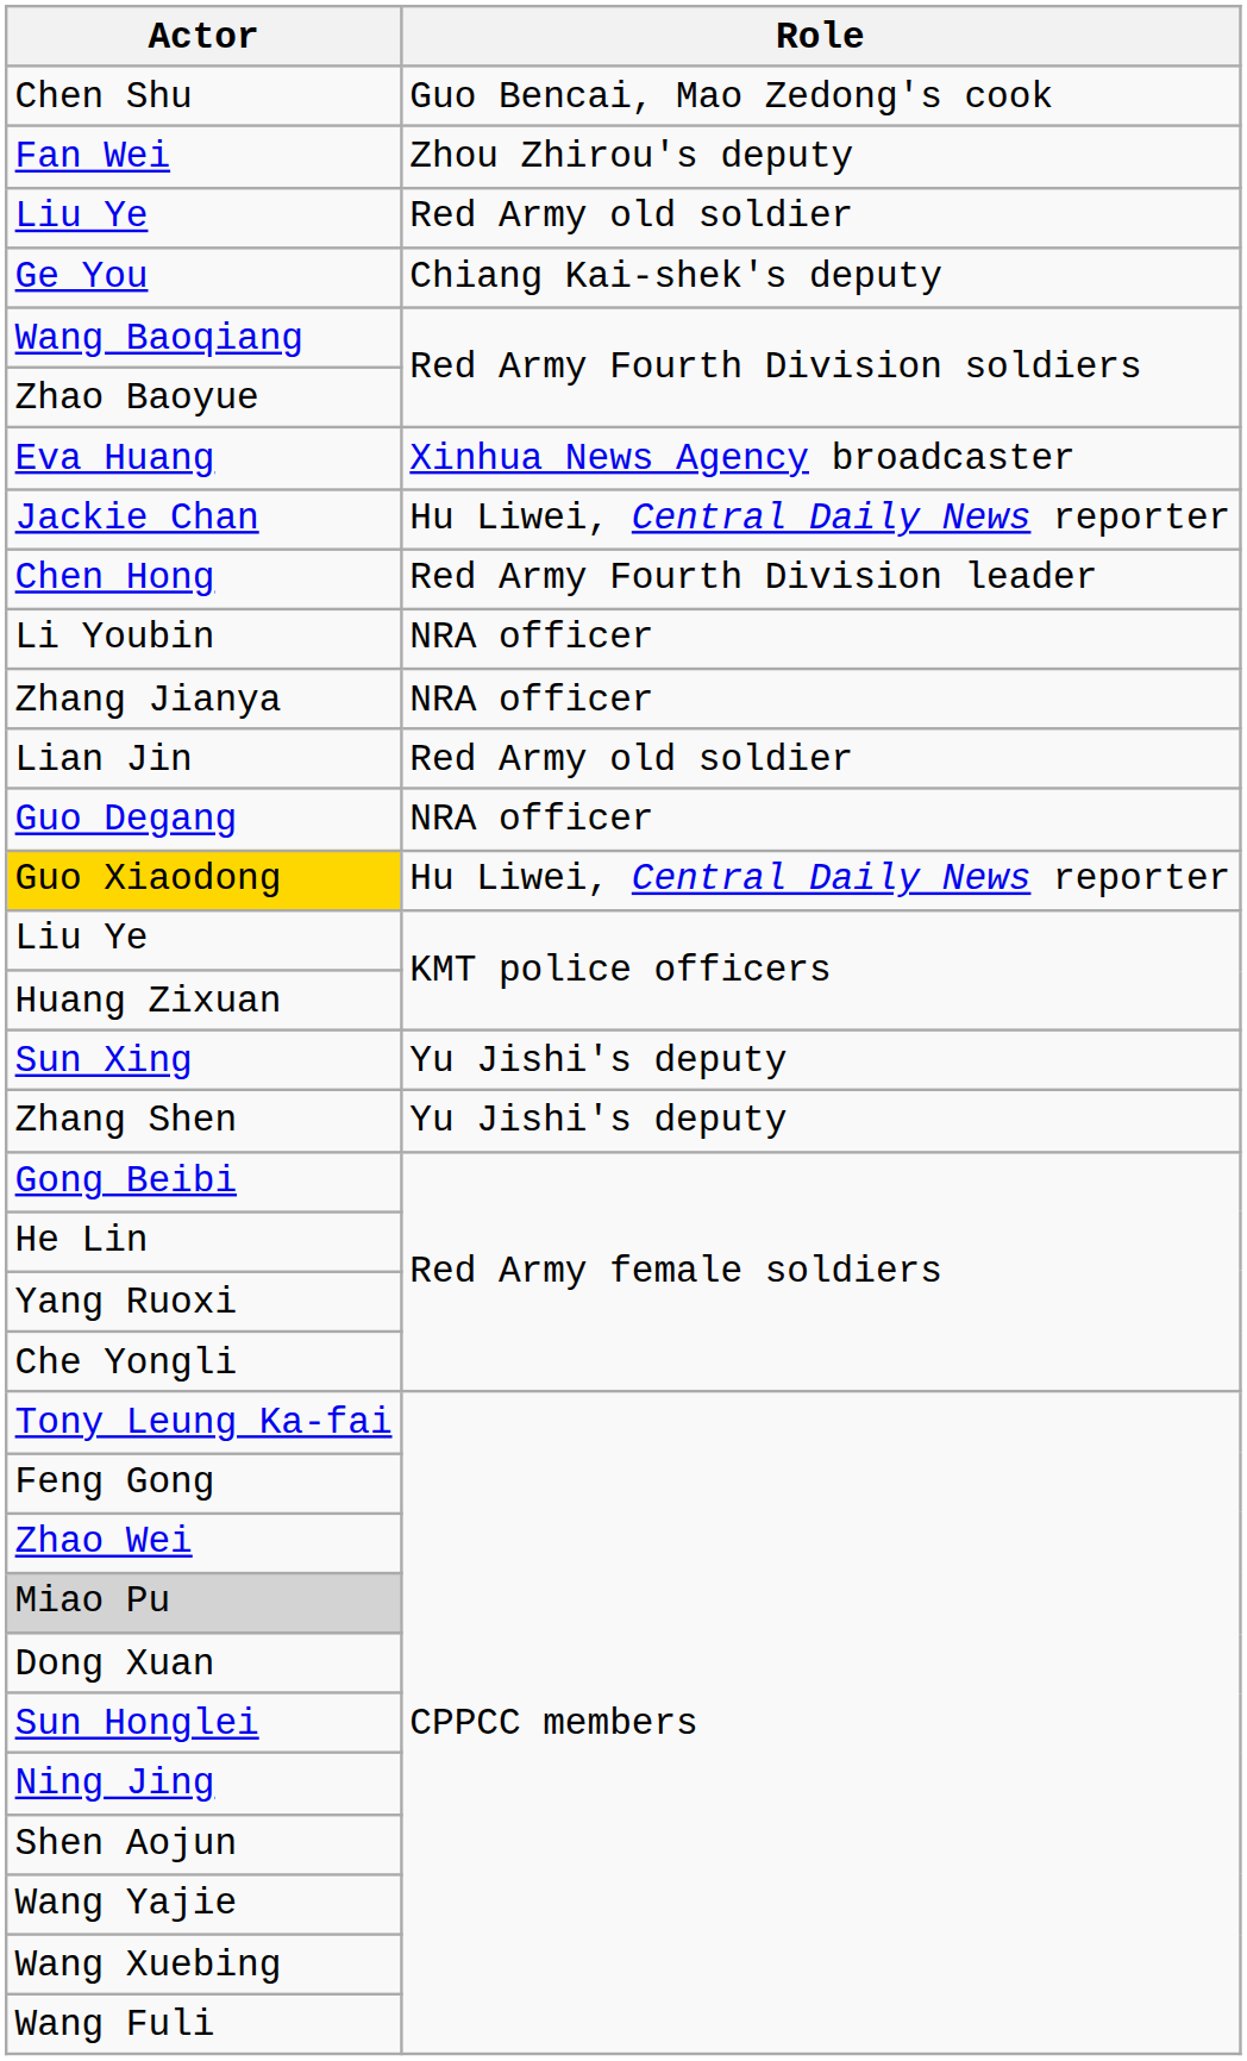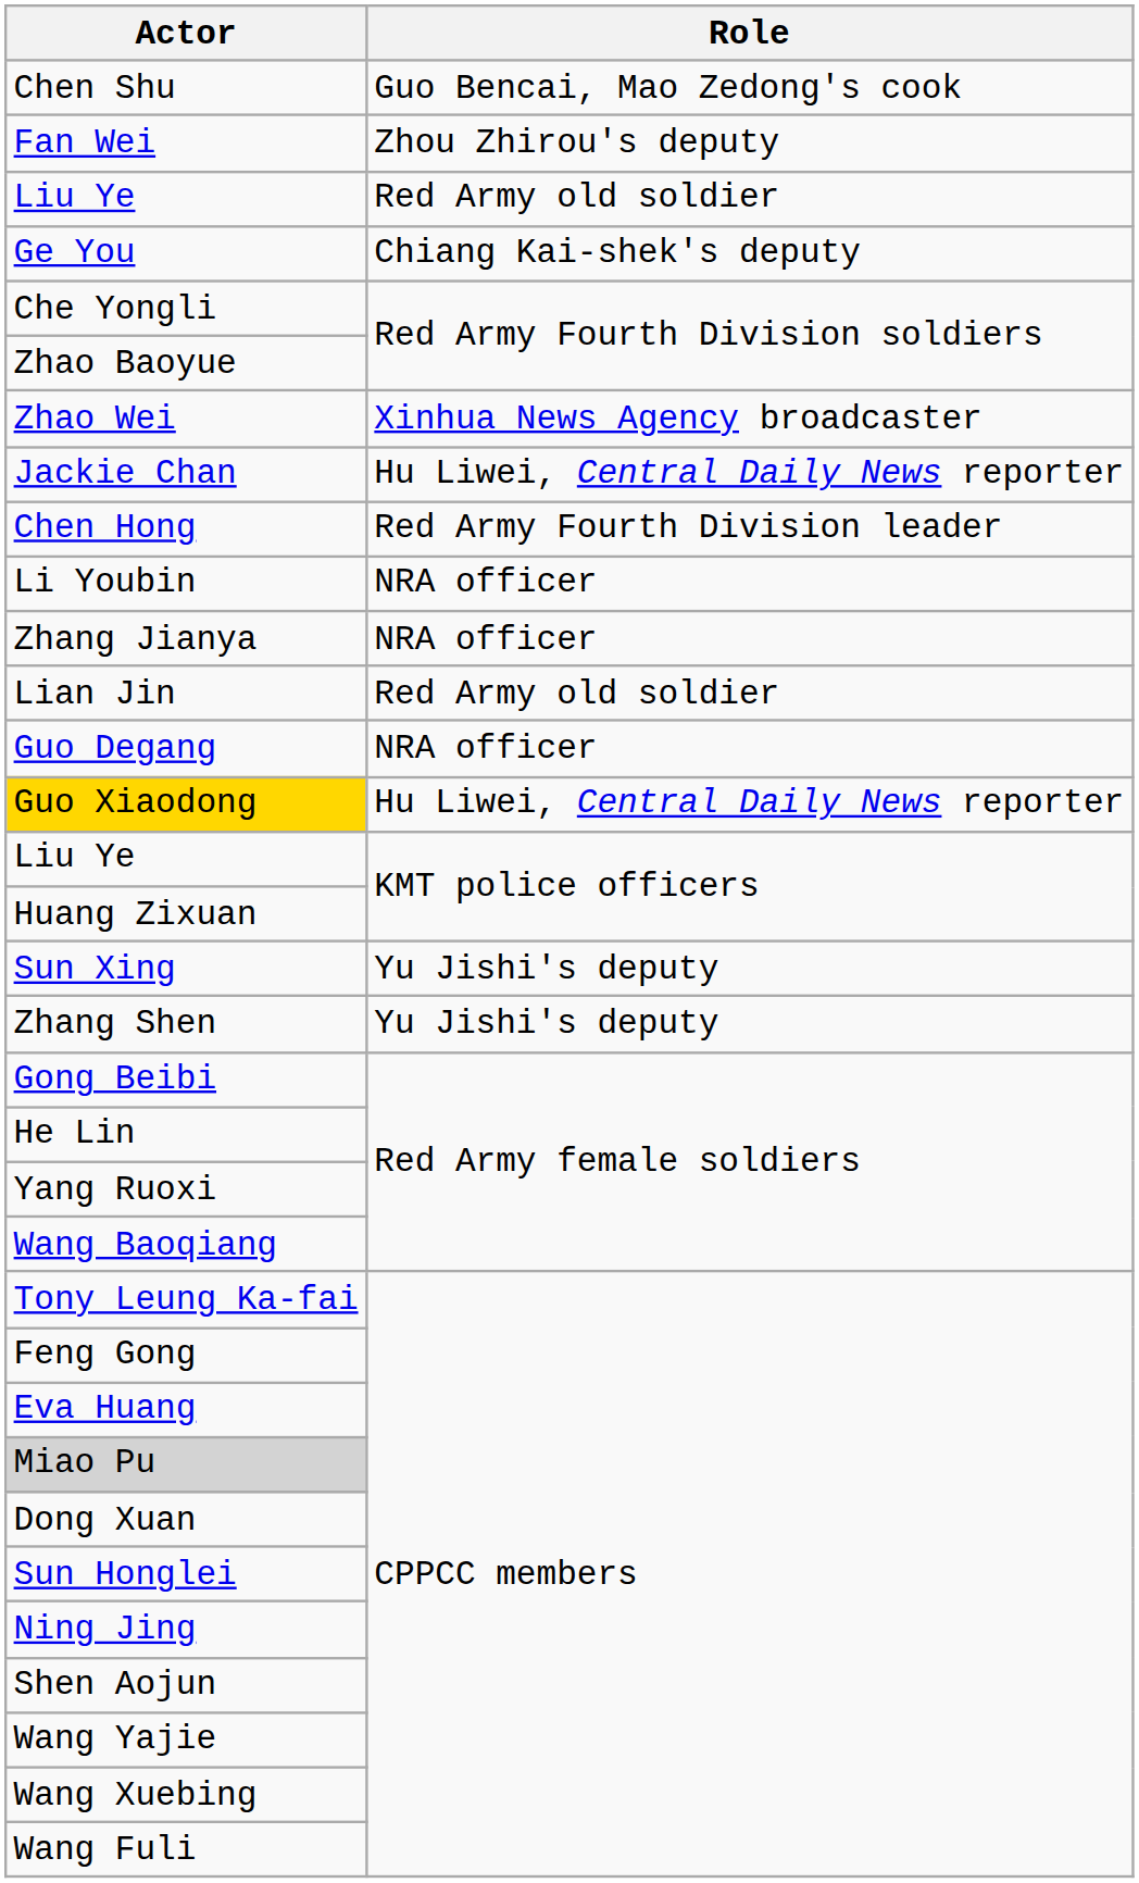 <table class="wikitable">
 <tr>
 <th>Actor</th>
 <th>Role</th>
 </tr>
 <tr>
 <td>Chen Shu</td>
 <td>Guo Bencai, Mao Zedong's cook</td>
 </tr>
 <tr>
 <td><a href='#'>Fan Wei</a></td>
 <td>Zhou Zhirou's deputy</td>
 </tr>
 <tr>
 <td><a href='#'>Liu Ye</a></td>
 <td>Red Army old soldier</td>
 </tr>
 <tr>
 <td><a href='#'>Ge You</a></td>
 <td>Chiang Kai-shek's deputy</td>
 </tr>
 <tr>
-<td><a href='#'>Wang Baoqiang</a></td>
+<td>Che Yongli</td>
 <td rowspan="2">Red Army Fourth Division soldiers</td>
 </tr>
 <tr>
 <td>Zhao Baoyue</td>
 </tr>
 <tr>
-<td><a href='#'>Eva Huang</a></td>
+<td><a href='#'>Zhao Wei</a></td>
 <td><a href='#'>Xinhua News Agency</a> broadcaster</td>
 </tr>
 <tr>
 <td><a href='#'>Jackie Chan</a></td>
 <td>Hu Liwei, <em><a href='#'>Central Daily News</a></em> reporter</td>
 </tr>
 <tr>
 <td><a href='#'>Chen Hong</a></td>
 <td>Red Army Fourth Division leader</td>
 </tr>
 <tr>
 <td>Li Youbin</td>
 <td>NRA officer</td>
 </tr>
 <tr>
 <td>Zhang Jianya</td>
 <td>NRA officer</td>
 </tr>
 <tr>
 <td>Lian Jin</td>
 <td>Red Army old soldier</td>
 </tr>
 <tr>
 <td><a href='#'>Guo Degang</a></td>
 <td>NRA officer</td>
 </tr>
 <tr>
 <td style="background: gold;">Guo Xiaodong</td>
 <td>Hu Liwei, <em><a href='#'>Central Daily News</a></em> reporter</td>
 </tr>
 <tr>
 <td>Liu Ye</td>
 <td rowspan=2>KMT police officers</td>
 </tr>
 <tr>
 <td>Huang Zixuan</td>
 </tr>
 <tr>
 <td><a href='#'>Sun Xing</a></td>
 <td>Yu Jishi's deputy</td>
 </tr>
 <tr>
 <td>Zhang Shen</td>
 <td>Yu Jishi's deputy</td>
 </tr>
 <tr>
 <td><a href='#'>Gong Beibi</a></td>
 <td rowspan=4>Red Army female soldiers</td>
 </tr>
 <tr>
 <td>He Lin</td>
 </tr>
 <tr>
 <td>Yang Ruoxi</td>
 </tr>
 <tr>
-<td>Che Yongli</td>
+<td><a href='#'>Wang Baoqiang</a></td>
 </tr>
 <tr>
 <td><a href='#'>Tony Leung Ka-fai</a></td>
 <td rowspan=11>CPPCC members</td>
 </tr>
 <tr>
 <td>Feng Gong</td>
 </tr>
 <tr>
-<td><a href='#'>Zhao Wei</a></td>
+<td><a href='#'>Eva Huang</a></td>
 </tr>
 <tr>
 <td style="background: lightgrey;">Miao Pu</td>
 </tr>
 <tr>
 <td>Dong Xuan</td>
 </tr>
 <tr>
 <td><a href='#'>Sun Honglei</a></td>
 </tr>
 <tr>
 <td><a href='#'>Ning Jing</a></td>
 </tr>
 <tr>
 <td>Shen Aojun</td>
 </tr>
 <tr>
 <td>Wang Yajie</td>
 </tr>
 <tr>
 <td>Wang Xuebing</td>
 </tr>
 <tr>
 <td>Wang Fuli</td>
 </tr>
 </table>
